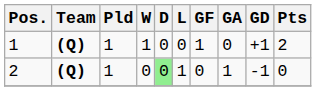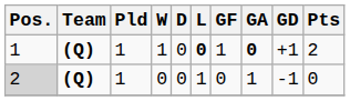 <table class="wikitable">
 <tr>
 <th>Pos.</th>
 <th>Team</th>
 <th>Pld</th>
 <th>W</th>
 <th>D</th>
 <th>L</th>
 <th>GF</th>
 <th>GA</th>
 <th>GD</th>
 <th>Pts</th>
 </tr>
 <tr>
 <td>1</td>
 <td><strong>(Q)</strong></td>
 <td>1</td>
 <td>1</td>
 <td>0</td>
-<td>0</td>
+<td><strong>0</strong></td>
 <td>1</td>
-<td>0</td>
+<td><strong>0</strong></td>
 <td>+1</td>
 <td>2</td>
 </tr>
 <tr>
-<td>2</td>
+<td style="background: lightgrey;">2</td>
 <td><strong>(Q)</strong></td>
 <td>1</td>
 <td>0</td>
-<td style="background: lightgreen;">0</td>
+<td>0</td>
 <td>1</td>
 <td>0</td>
 <td>1</td>
 <td>-1</td>
 <td>0</td>
 </tr>
 <tr>
 </tr>
 </table>
